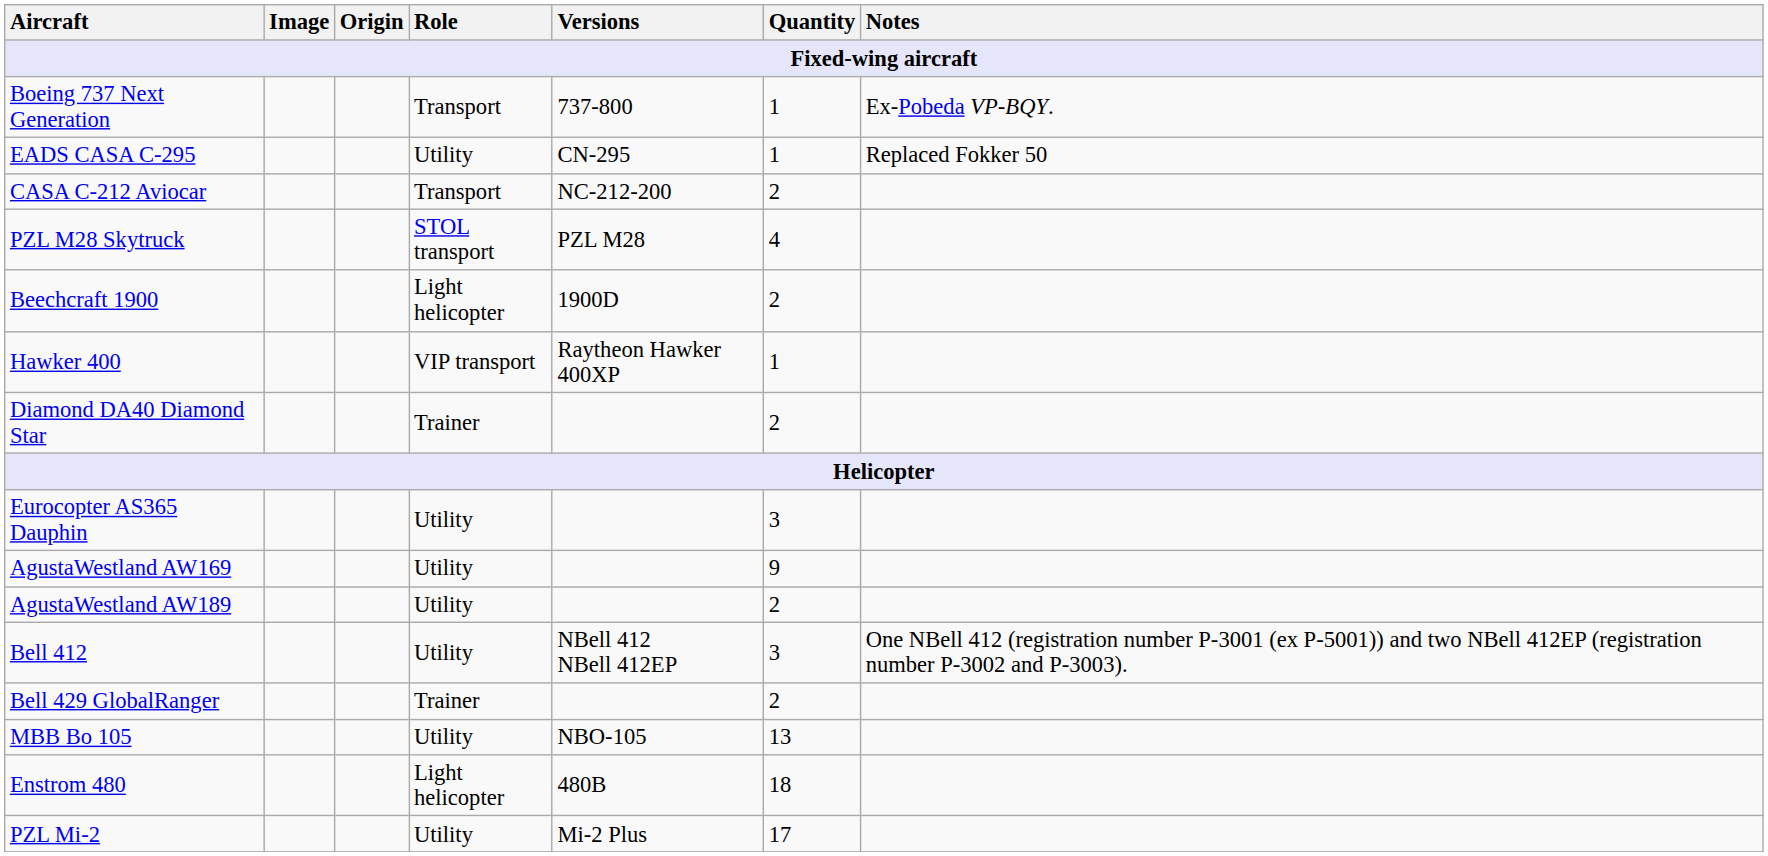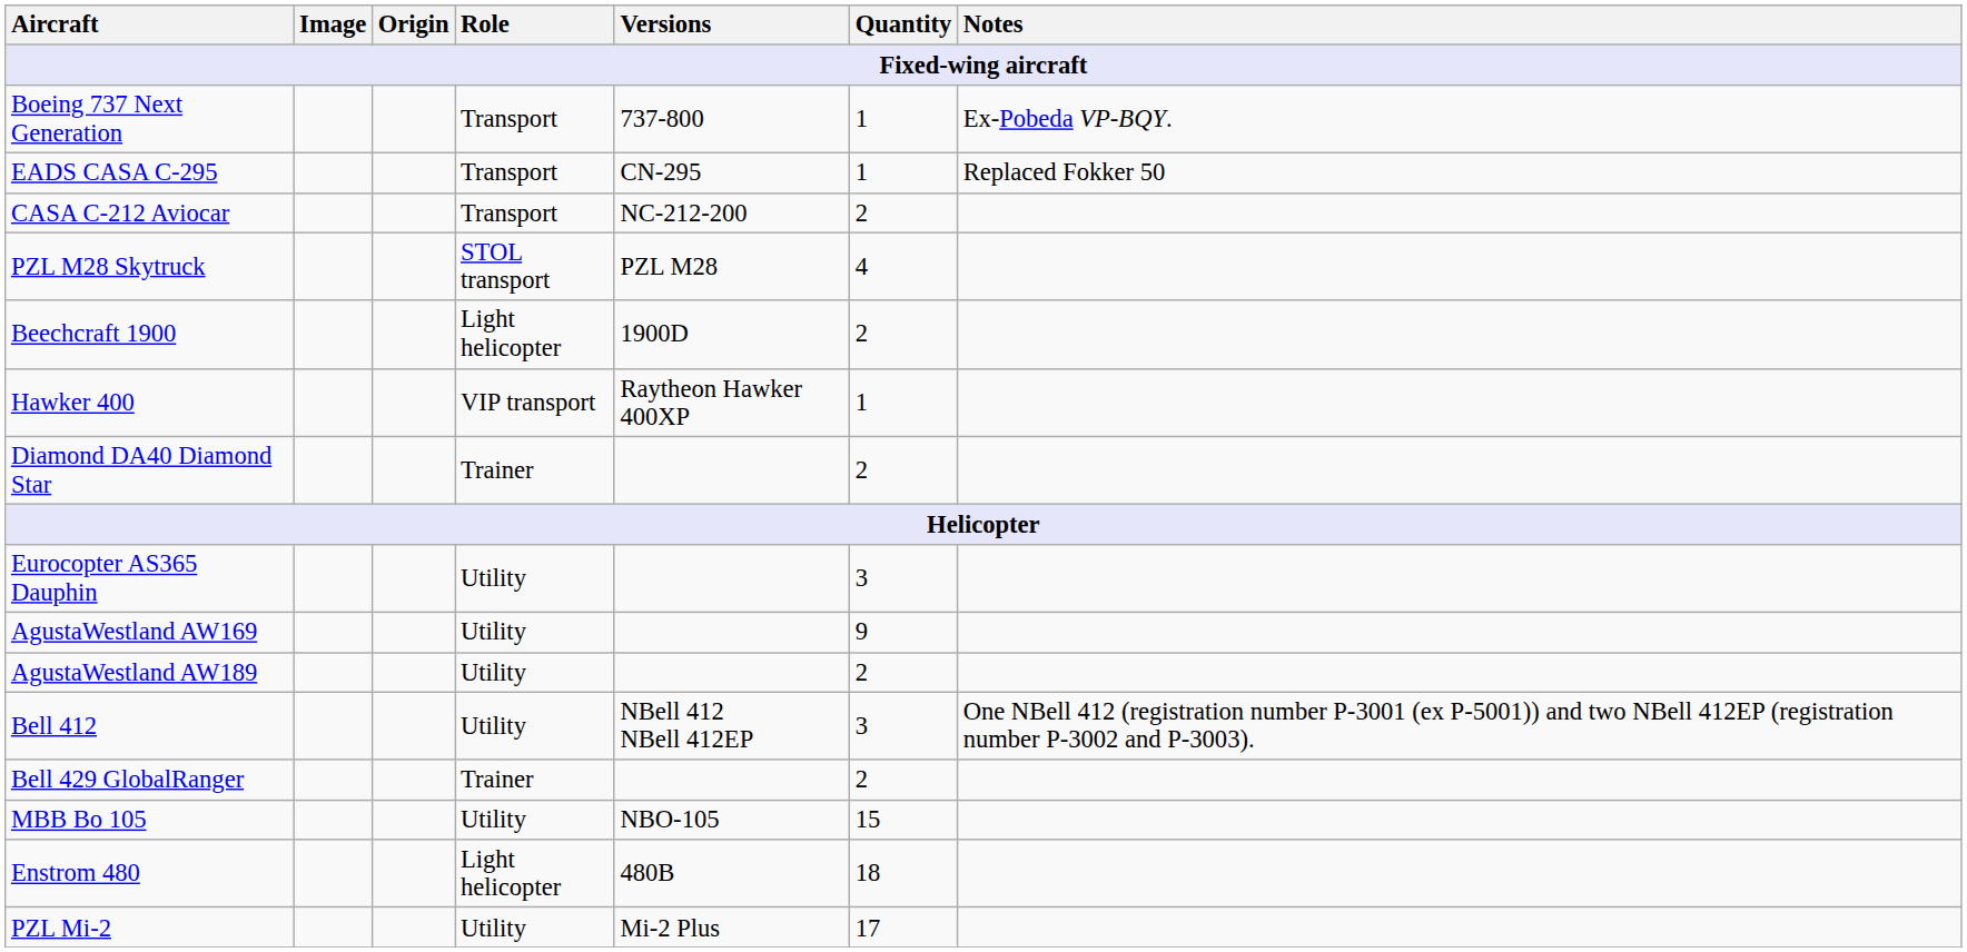 <table class="wikitable">
 <tr>
 <th style="text-align: left;">Aircraft</th>
 <th style="text-align: left;">Image</th>
 <th style="text-align: left;">Origin</th>
 <th style="text-align: left;">Role</th>
 <th style="text-align: left;">Versions</th>
 <th style="text-align: left;">Quantity</th>
 <th style="text-align: left;">Notes</th>
 </tr>
 <tr ---->
 <th style="align: center; background: lavender;" colspan="8">Fixed-wing aircraft</th>
 </tr>
 <tr>
 <td><a href='#'>Boeing 737 Next Generation</a></td>
 <td></td>
 <td></td>
 <td>Transport</td>
 <td>737-800</td>
 <td>1</td>
 <td>Ex-<a href='#'>Pobeda</a> <em>VP-BQY</em>.</td>
 </tr>
 <tr>
 <td><a href='#'>EADS CASA C-295</a></td>
 <td></td>
 <td><br></td>
-<td>Utility</td>
+<td>Transport</td>
 <td>CN-295</td>
 <td>1</td>
 <td>Replaced Fokker 50</td>
 </tr>
 <tr>
 <td><a href='#'>CASA C-212 Aviocar</a></td>
 <td></td>
 <td><br></td>
 <td>Transport</td>
 <td>NC-212-200</td>
 <td>2</td>
 <td></td>
 </tr>
 <tr>
 <td><a href='#'>PZL M28 Skytruck</a></td>
 <td></td>
 <td></td>
 <td><a href='#'>STOL</a> transport</td>
 <td>PZL M28</td>
 <td>4</td>
 <td></td>
 </tr>
 <tr>
 <td><a href='#'>Beechcraft 1900</a></td>
 <td></td>
 <td></td>
 <td>Light helicopter</td>
 <td>1900D</td>
 <td>2</td>
 <td></td>
 </tr>
 <tr>
 <td><a href='#'>Hawker 400</a></td>
 <td></td>
 <td></td>
 <td>VIP transport</td>
 <td>Raytheon Hawker 400XP</td>
 <td>1</td>
 <td></td>
 </tr>
 <tr>
 <td><a href='#'>Diamond DA40 Diamond Star</a></td>
 <td></td>
 <td></td>
 <td>Trainer</td>
 <td></td>
 <td>2</td>
 <td></td>
 </tr>
 <tr>
 <th style="align: center; background: lavender;" colspan="7">Helicopter</th>
 </tr>
 <tr>
 <td><a href='#'>Eurocopter AS365 Dauphin</a></td>
 <td></td>
 <td></td>
 <td>Utility</td>
 <td></td>
 <td>3</td>
 <td></td>
 </tr>
 <tr>
 <td><a href='#'>AgustaWestland AW169</a></td>
 <td></td>
 <td></td>
 <td>Utility</td>
 <td></td>
 <td>9</td>
 <td></td>
 </tr>
 <tr>
 <td><a href='#'>AgustaWestland AW189</a></td>
 <td></td>
 <td></td>
 <td>Utility</td>
 <td></td>
 <td>2</td>
 <td></td>
 </tr>
 <tr>
 <td><a href='#'>Bell 412</a></td>
 <td></td>
 <td><br></td>
 <td>Utility</td>
 <td>NBell 412<br>NBell 412EP</td>
 <td>3</td>
 <td>One NBell 412 (registration number P-3001 (ex P-5001)) and two NBell 412EP (registration number P-3002 and P-3003).</td>
 </tr>
 <tr>
 <td><a href='#'>Bell 429 GlobalRanger</a></td>
 <td></td>
 <td></td>
 <td>Trainer</td>
 <td></td>
 <td>2</td>
 <td></td>
 </tr>
 <tr>
 <td><a href='#'>MBB Bo 105</a></td>
 <td></td>
 <td><br></td>
 <td>Utility</td>
 <td>NBO-105</td>
-<td>13</td>
+<td>15</td>
 <td></td>
 </tr>
 <tr>
 <td><a href='#'>Enstrom 480</a></td>
 <td></td>
 <td></td>
 <td>Light helicopter</td>
 <td>480B</td>
 <td>18</td>
 <td></td>
 </tr>
 <tr>
 <td><a href='#'>PZL Mi-2</a></td>
 <td></td>
 <td></td>
 <td>Utility</td>
 <td>Mi-2 Plus</td>
 <td>17</td>
 <td></td>
 </tr>
 <tr>
 </tr>
 </table>
